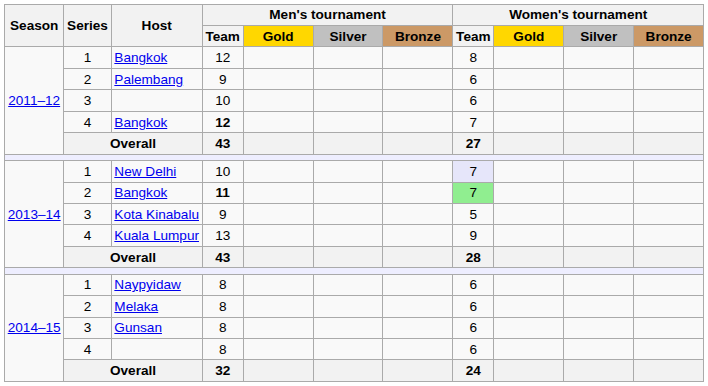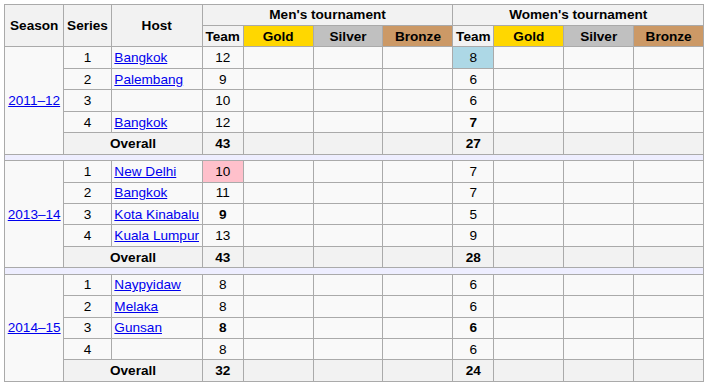 <table class="wikitable" style= "text-align: center; font-size: 85%">
 <tr>
 <th rowspan="2">Season</th>
 <th rowspan="2">Series</th>
 <th rowspan="2">Host</th>
 <th colspan="4">Men's tournament</th>
 <th colspan="4">Women's tournament</th>
 </tr>
 <tr>
 <th>Team</th>
 <th width=10% style="background: #ffd700">Gold</th>
 <th width=10% style="background: #c0c0c0">Silver</th>
 <th width=10% style="background: #cc9966">Bronze</th>
 <th>Team</th>
 <th width=10% style="background: #ffd700">Gold</th>
 <th width=10% style="background: #c0c0c0">Silver</th>
 <th width=10% style="background: #cc9966">Bronze</th>
 </tr>
 <tr>
 <td rowspan="5"><a href='#'>2011–12</a></td>
 <td>1</td>
 <td align=left> <a href='#'>Bangkok</a></td>
 <td>12</td>
 <td></td>
 <td></td>
 <td></td>
-<td>8</td>
+<td style="background: lightblue;">8</td>
 <td></td>
 <td></td>
 <td></td>
 </tr>
 <tr>
 <td>2</td>
 <td align=left> <a href='#'>Palembang</a></td>
 <td>9</td>
 <td></td>
 <td></td>
 <td></td>
 <td>6</td>
 <td></td>
 <td></td>
 <td></td>
 </tr>
 <tr>
 <td>3</td>
 <td align=left></td>
 <td>10</td>
 <td></td>
 <td></td>
 <td></td>
 <td>6</td>
 <td></td>
 <td></td>
 <td></td>
 </tr>
 <tr>
 <td>4</td>
 <td align=left> <a href='#'>Bangkok</a></td>
-<td><strong>12</strong></td>
+<td>12</td>
 <td></td>
 <td></td>
 <td></td>
-<td>7</td>
+<td><strong>7</strong></td>
 <td></td>
 <td></td>
 <td></td>
 </tr>
 <tr>
 <th colspan="2"><strong>Overall</strong></th>
 <th>43</th>
 <th></th>
 <th></th>
 <th></th>
 <th>27</th>
 <th></th>
 <th></th>
 <th></th>
 </tr>
 <tr>
 <td colspan=11 bgcolor=#EEEEFF></td>
 </tr>
 <tr>
 <td rowspan="5"><a href='#'>2013–14</a></td>
 <td>1</td>
 <td align=left> <a href='#'>New Delhi</a></td>
-<td>10</td>
+<td style="background: pink;">10</td>
 <td></td>
 <td></td>
 <td></td>
-<td style="background: lavender;">7</td>
+<td>7</td>
 <td></td>
 <td></td>
 <td></td>
 </tr>
 <tr>
 <td>2</td>
 <td align=left> <a href='#'>Bangkok</a></td>
-<td><strong>11</strong></td>
+<td>11</td>
 <td></td>
 <td></td>
 <td></td>
-<td style="background: lightgreen;">7</td>
+<td>7</td>
 <td></td>
 <td></td>
 <td></td>
 </tr>
 <tr>
 <td>3</td>
 <td align=left> <a href='#'>Kota Kinabalu</a></td>
-<td>9</td>
+<td><strong>9</strong></td>
 <td></td>
 <td></td>
 <td></td>
 <td>5</td>
 <td></td>
 <td></td>
 <td></td>
 </tr>
 <tr>
 <td>4</td>
 <td align=left> <a href='#'>Kuala Lumpur</a></td>
 <td>13</td>
 <td></td>
 <td></td>
 <td></td>
 <td>9</td>
 <td></td>
 <td></td>
 <td></td>
 </tr>
 <tr>
 <th colspan="2"><strong>Overall</strong></th>
 <th>43</th>
 <th></th>
 <th></th>
 <th></th>
 <th>28</th>
 <th></th>
 <th></th>
 <th></th>
 </tr>
 <tr>
 <td colspan=11 bgcolor=#EEEEFF></td>
 </tr>
 <tr>
 <td rowspan="5"><a href='#'>2014–15</a></td>
 <td>1</td>
 <td align=left> <a href='#'>Naypyidaw</a></td>
 <td>8</td>
 <td></td>
 <td></td>
 <td></td>
 <td>6</td>
 <td></td>
 <td></td>
 <td></td>
 </tr>
 <tr>
 <td>2</td>
 <td align=left> <a href='#'>Melaka</a></td>
 <td>8</td>
 <td></td>
 <td></td>
 <td></td>
 <td>6</td>
 <td></td>
 <td></td>
 <td></td>
 </tr>
 <tr>
 <td>3</td>
 <td align=left> <a href='#'>Gunsan</a></td>
-<td>8</td>
+<td><strong>8</strong></td>
 <td></td>
 <td></td>
 <td></td>
-<td>6</td>
+<td><strong>6</strong></td>
 <td></td>
 <td></td>
 <td></td>
 </tr>
 <tr>
 <td>4</td>
 <td align=left></td>
 <td>8</td>
 <td></td>
 <td></td>
 <td></td>
 <td>6</td>
 <td></td>
 <td></td>
 <td></td>
 </tr>
 <tr>
 <th colspan="2"><strong>Overall</strong></th>
 <th>32</th>
 <th></th>
 <th></th>
 <th></th>
 <th>24</th>
 <th></th>
 <th></th>
 <th></th>
 </tr>
 </table>
